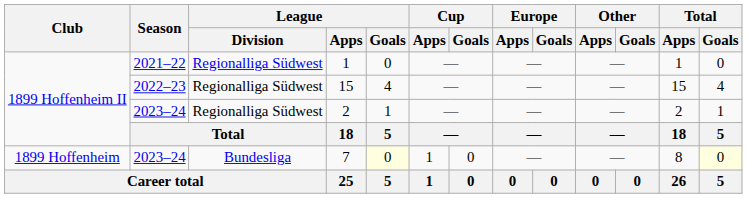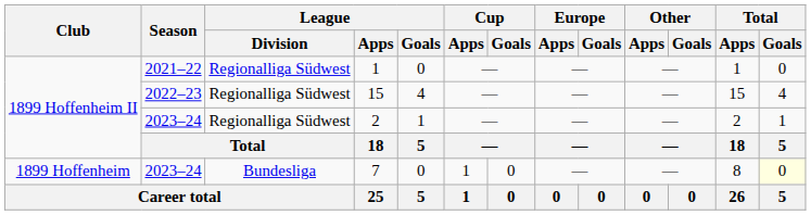 <table class="wikitable" style="text-align:center">
 <tr>
 <th rowspan="2">Club</th>
 <th rowspan="2">Season</th>
 <th colspan="3">League</th>
 <th colspan="2">Cup</th>
 <th colspan="2">Europe</th>
 <th colspan="2">Other</th>
 <th colspan="2">Total</th>
 </tr>
 <tr>
 <th>Division</th>
 <th>Apps</th>
 <th>Goals</th>
 <th>Apps</th>
 <th>Goals</th>
 <th>Apps</th>
 <th>Goals</th>
 <th>Apps</th>
 <th>Goals</th>
 <th>Apps</th>
 <th>Goals</th>
 </tr>
 <tr>
 <td rowspan="4"><a href='#'>1899 Hoffenheim II</a></td>
 <td><a href='#'>2021–22</a></td>
 <td><a href='#'>Regionalliga Südwest</a></td>
 <td>1</td>
 <td>0</td>
 <td colspan="2">—</td>
 <td colspan="2">—</td>
 <td colspan="2">—</td>
 <td>1</td>
 <td>0</td>
 </tr>
 <tr>
 <td><a href='#'>2022–23</a></td>
 <td>Regionalliga Südwest</td>
 <td>15</td>
 <td>4</td>
 <td colspan="2">—</td>
 <td colspan="2">—</td>
 <td colspan="2">—</td>
 <td>15</td>
 <td>4</td>
 </tr>
 <tr>
 <td><a href='#'>2023–24</a></td>
 <td>Regionalliga Südwest</td>
 <td>2</td>
 <td>1</td>
 <td colspan="2">—</td>
 <td colspan="2">—</td>
 <td colspan="2">—</td>
 <td>2</td>
 <td>1</td>
 </tr>
 <tr>
 <th colspan="2">Total</th>
 <th>18</th>
 <th>5</th>
 <th colspan="2">—</th>
 <th colspan="2">—</th>
 <th colspan="2">—</th>
 <th>18</th>
 <th>5</th>
 </tr>
 <tr>
 <td><a href='#'>1899 Hoffenheim</a></td>
 <td><a href='#'>2023–24</a></td>
 <td><a href='#'>Bundesliga</a></td>
 <td>7</td>
-<td style="background: lightyellow;">0</td>
+<td>0</td>
 <td>1</td>
 <td>0</td>
 <td colspan="2">—</td>
 <td colspan="2">—</td>
 <td>8</td>
 <td style="background: lightyellow;">0</td>
 </tr>
 <tr>
 <th colspan="3">Career total</th>
 <th>25</th>
 <th>5</th>
 <th>1</th>
 <th>0</th>
 <th>0</th>
 <th>0</th>
 <th>0</th>
 <th>0</th>
 <th>26</th>
 <th>5</th>
 </tr>
 </table>
